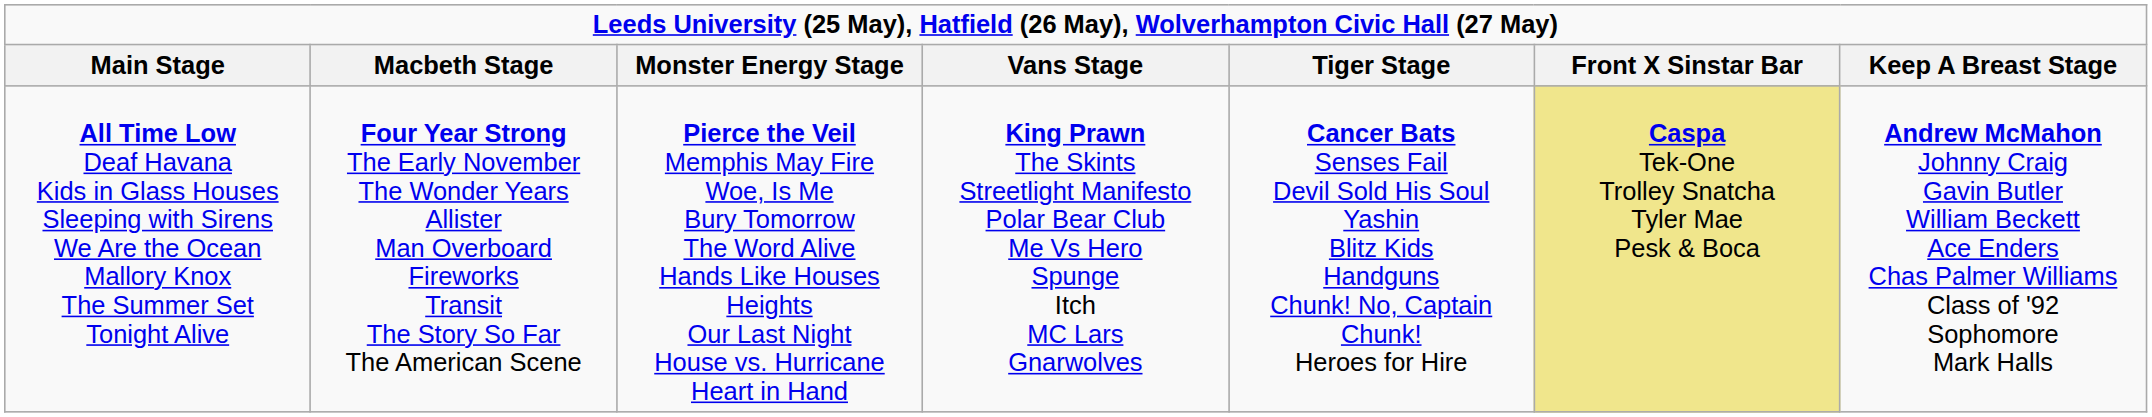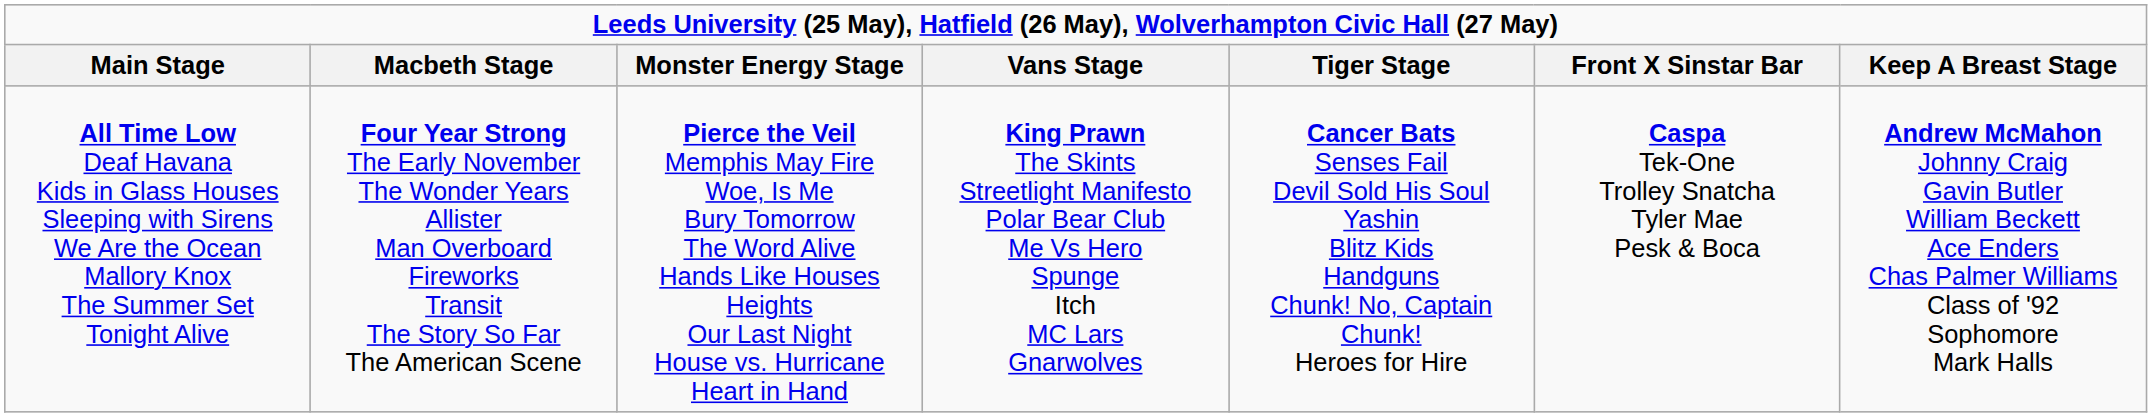 <table class="wikitable">
 <tr>
 <td colspan="7" style="text-align:center;"><strong><a href='#'>Leeds University</a> (25 May), <a href='#'>Hatfield</a> (26 May), <a href='#'>Wolverhampton Civic Hall</a> (27 May)</strong></td>
 </tr>
 <tr>
 <th>Main Stage</th>
 <th>Macbeth Stage</th>
 <th>Monster Energy Stage</th>
 <th>Vans Stage</th>
 <th>Tiger Stage</th>
 <th>Front X Sinstar Bar</th>
 <th>Keep A Breast Stage</th>
 </tr>
 <tr>
 <td valign="top" align="center" width=185><br><strong><a href='#'>All Time Low</a></strong> <br><a href='#'>Deaf Havana</a> <br><a href='#'>Kids in Glass Houses</a> <br><a href='#'>Sleeping with Sirens</a> <br><a href='#'>We Are the Ocean</a> <br><a href='#'>Mallory Knox</a> <br><a href='#'>The Summer Set</a> <br><a href='#'>Tonight Alive</a></td>
 <td valign="top" align="center" width=185><br><strong><a href='#'>Four Year Strong</a></strong> <br><a href='#'>The Early November</a> <br><a href='#'>The Wonder Years</a> <br><a href='#'>Allister</a> <br><a href='#'>Man Overboard</a> <br><a href='#'>Fireworks</a> <br><a href='#'>Transit</a> <br><a href='#'>The Story So Far</a> <br>The American Scene</td>
 <td valign="top" align="center" width=185><br><strong><a href='#'>Pierce the Veil</a></strong> <br><a href='#'>Memphis May Fire</a> <br><a href='#'>Woe, Is Me</a> <br><a href='#'>Bury Tomorrow</a> <br><a href='#'>The Word Alive</a> <br><a href='#'>Hands Like Houses</a> <br><a href='#'>Heights</a> <br><a href='#'>Our Last Night</a> <br><a href='#'>House vs. Hurricane</a> <br><a href='#'>Heart in Hand</a></td>
 <td valign="top" align="center" width=185><br><strong><a href='#'>King Prawn</a></strong> <br><a href='#'>The Skints</a> <br><a href='#'>Streetlight Manifesto</a> <br><a href='#'>Polar Bear Club</a> <br><a href='#'>Me Vs Hero</a> <br><a href='#'>Spunge</a> <br>Itch <br><a href='#'>MC Lars</a> <br><a href='#'>Gnarwolves</a></td>
 <td valign="top" align="center" width=185><br><strong><a href='#'>Cancer Bats</a></strong> <br><a href='#'>Senses Fail</a> <br><a href='#'>Devil Sold His Soul</a> <br><a href='#'>Yashin</a> <br><a href='#'>Blitz Kids</a> <br><a href='#'>Handguns</a> <br><a href='#'>Chunk! No, Captain Chunk!</a> <br>Heroes for Hire</td>
-<td valign="top" align="center" width=185 style="background: khaki;"><br><strong><a href='#'>Caspa</a></strong> <br>Tek-One <br>Trolley Snatcha <br>Tyler Mae <br>Pesk & Boca</td>
+<td valign="top" align="center" width=185><br><strong><a href='#'>Caspa</a></strong> <br>Tek-One <br>Trolley Snatcha <br>Tyler Mae <br>Pesk & Boca</td>
 <td valign="top" align="center" width=185><br><strong><a href='#'>Andrew McMahon</a></strong> <br><a href='#'>Johnny Craig</a> <br><a href='#'>Gavin Butler</a> <br><a href='#'>William Beckett</a> <br><a href='#'>Ace Enders</a> <br><a href='#'>Chas Palmer Williams</a> <br>Class of '92 <br>Sophomore <br>Mark Halls</td>
 </tr>
 </table>
